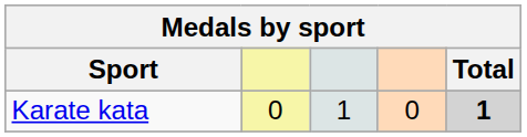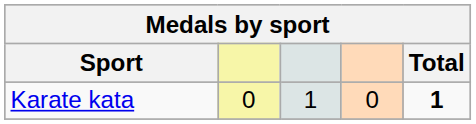 <table class="wikitable" style="font-size:90%; text-align:center;">
 <tr>
 <th colspan="5">Medals by sport</th>
 </tr>
 <tr>
 <th width="120">Sport</th>
 <th scope="col" width="30" style="background:#F7F6A8;"></th>
 <th scope="col" width="30" style="background:#DCE5E5;"></th>
 <th scope="col" width="30" style="background:#FFDAB9;"></th>
 <th width="30">Total</th>
 </tr>
 <tr>
 <td align="left"><a href='#'>Karate kata</a></td>
 <td style="background:#F7F6A8;">0</td>
 <td style="background:#DCE5E5;">1</td>
 <td style="background:#FFDAB9;">0</td>
-<td style="background: lightgrey;"><strong>1</strong></td>
+<td><strong>1</strong></td>
 </tr>
 </table>
